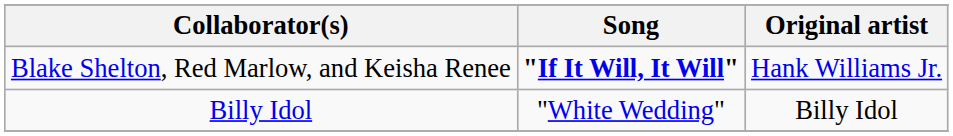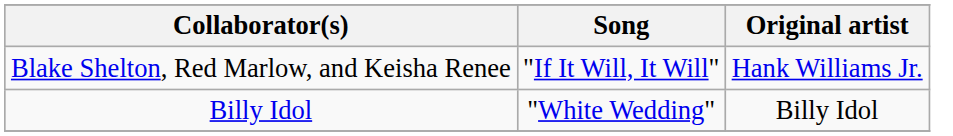 <table class="wikitable" style="text-align:center;">
 <tr>
 </tr>
 <tr>
 <th>Collaborator(s)</th>
 <th>Song</th>
 <th>Original artist</th>
 </tr>
 <tr>
 <td><a href='#'>Blake Shelton</a>, Red Marlow, and Keisha Renee</td>
-<td><strong>"<a href='#'>If It Will, It Will</a>"</strong></td>
+<td>"<a href='#'>If It Will, It Will</a>"</td>
 <td><a href='#'>Hank Williams Jr.</a></td>
 </tr>
 <tr>
 <td><a href='#'>Billy Idol</a></td>
 <td>"<a href='#'>White Wedding</a>"</td>
 <td>Billy Idol</td>
 </tr>
 <tr>
 </tr>
 </table>
